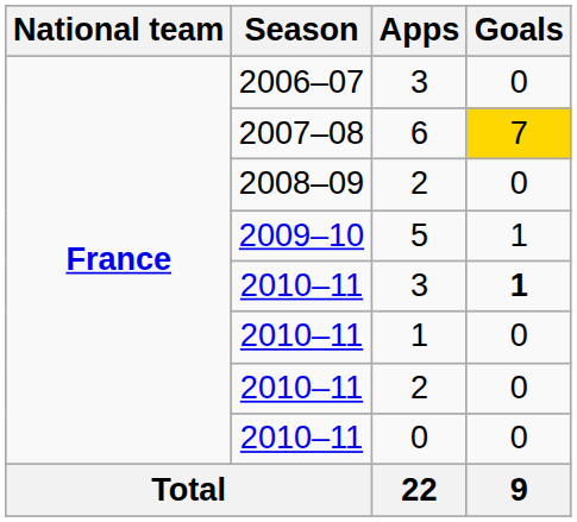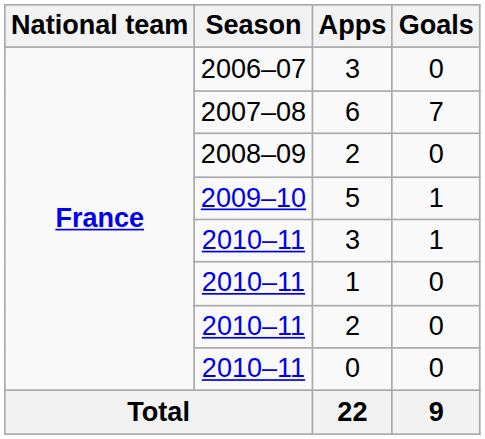 <table class="wikitable" style="text-align:center">
 <tr>
 <th>National team</th>
 <th>Season</th>
 <th>Apps</th>
 <th>Goals</th>
 </tr>
 <tr>
 <td rowspan=8 valign="center"><strong><a href='#'>France</a></strong></td>
 <td>2006–07</td>
 <td>3</td>
 <td>0</td>
 </tr>
 <tr>
 <td>2007–08</td>
 <td>6</td>
-<td style="background: gold;">7</td>
+<td>7</td>
 </tr>
 <tr>
 <td>2008–09</td>
 <td>2</td>
 <td>0</td>
 </tr>
 <tr>
 <td><a href='#'>2009–10</a></td>
 <td>5</td>
 <td>1</td>
 </tr>
 <tr>
 <td><a href='#'>2010–11</a></td>
 <td>3</td>
-<td><strong>1</strong></td>
+<td>1</td>
 </tr>
 <tr>
 <td><a href='#'>2010–11</a></td>
 <td>1</td>
 <td>0</td>
 </tr>
 <tr>
 <td><a href='#'>2010–11</a></td>
 <td>2</td>
 <td>0</td>
 </tr>
 <tr>
 <td><a href='#'>2010–11</a></td>
 <td>0</td>
 <td>0</td>
 </tr>
 <tr>
 <th colspan=2>Total</th>
 <th>22</th>
 <th>9</th>
 </tr>
 </table>
